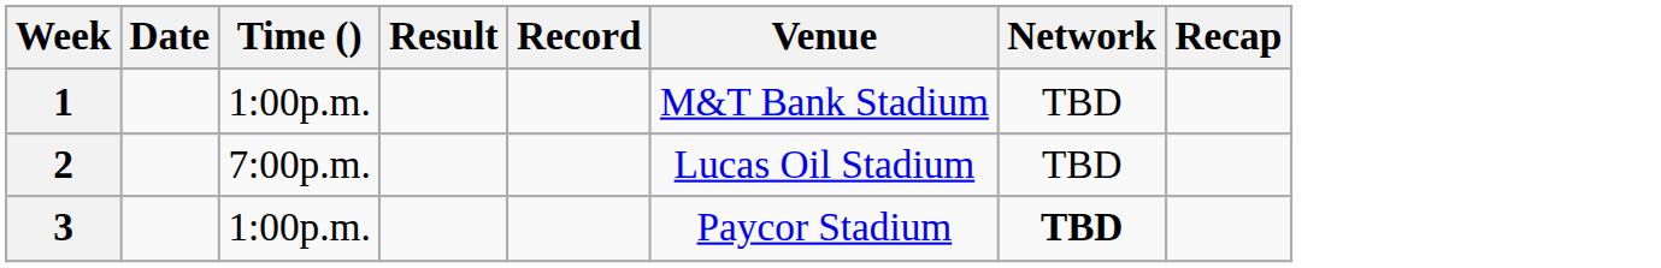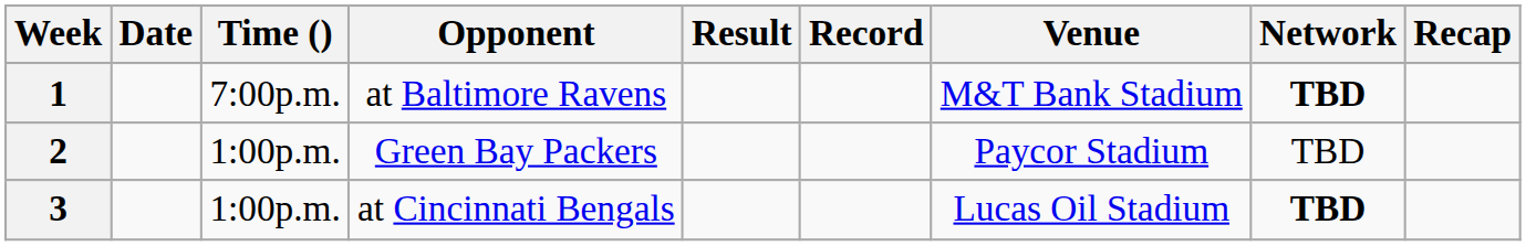 <table class="wikitable" style="text-align:center">
 <tr>
 <th>Week</th>
 <th>Date</th>
 <th>Time (<a href='#'></a>)</th>
+<th>Opponent</th>
 <th>Result</th>
 <th>Record</th>
 <th>Venue</th>
 <th>Network</th>
 <th>Recap</th>
 </tr>
 <tr>
 <th>1</th>
 <td></td>
-<td>1:00p.m.</td>
+<td>7:00p.m.</td>
+<td>at <a href='#'>Baltimore Ravens</a></td>
 <td></td>
 <td></td>
 <td><a href='#'>M&T Bank Stadium</a></td>
-<td>TBD</td>
+<td><strong>TBD</strong></td>
 <td></td>
 </tr>
 <tr>
 <th>2</th>
 <td></td>
-<td>7:00p.m.</td>
+<td>1:00p.m.</td>
+<td><a href='#'>Green Bay Packers</a></td>
 <td></td>
 <td></td>
-<td><a href='#'>Lucas Oil Stadium</a></td>
+<td><a href='#'>Paycor Stadium</a></td>
 <td>TBD</td>
 <td></td>
 </tr>
 <tr>
 <th>3</th>
 <td></td>
 <td>1:00p.m.</td>
+<td>at <a href='#'>Cincinnati Bengals</a></td>
 <td></td>
 <td></td>
-<td><a href='#'>Paycor Stadium</a></td>
+<td><a href='#'>Lucas Oil Stadium</a></td>
 <td><strong>TBD</strong></td>
 <td></td>
 </tr>
 </table>
